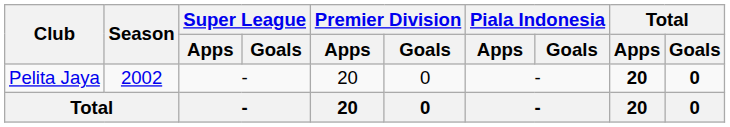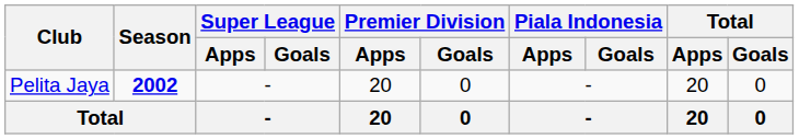 <table class="wikitable" style="font-size:90%; text-align:center;">
 <tr>
 <th rowspan="2">Club</th>
 <th rowspan="2">Season</th>
 <th colspan="2"><a href='#'>Super League</a></th>
 <th colspan="2"><a href='#'>Premier Division</a></th>
 <th colspan="2"><a href='#'>Piala Indonesia</a></th>
 <th colspan="2">Total</th>
 </tr>
 <tr>
 <th>Apps</th>
 <th>Goals</th>
 <th>Apps</th>
 <th>Goals</th>
 <th>Apps</th>
 <th>Goals</th>
 <th>Apps</th>
 <th>Goals</th>
 </tr>
 <tr>
 <td rowspan="1"><a href='#'>Pelita Jaya</a></td>
-<td><a href='#'>2002</a></td>
+<td><strong><a href='#'>2002</a></strong></td>
 <td colspan="2">-</td>
 <td>20</td>
 <td>0</td>
 <td colspan="2">-</td>
-<td><strong>20</strong></td>
-<td><strong>0</strong></td>
+<td>20</td>
+<td>0</td>
 </tr>
 <tr>
 <th colspan="2">Total</th>
 <th colspan="2">-</th>
 <th>20</th>
 <th>0</th>
 <th colspan="2">-</th>
 <th>20</th>
 <th>0</th>
 </tr>
 </table>
